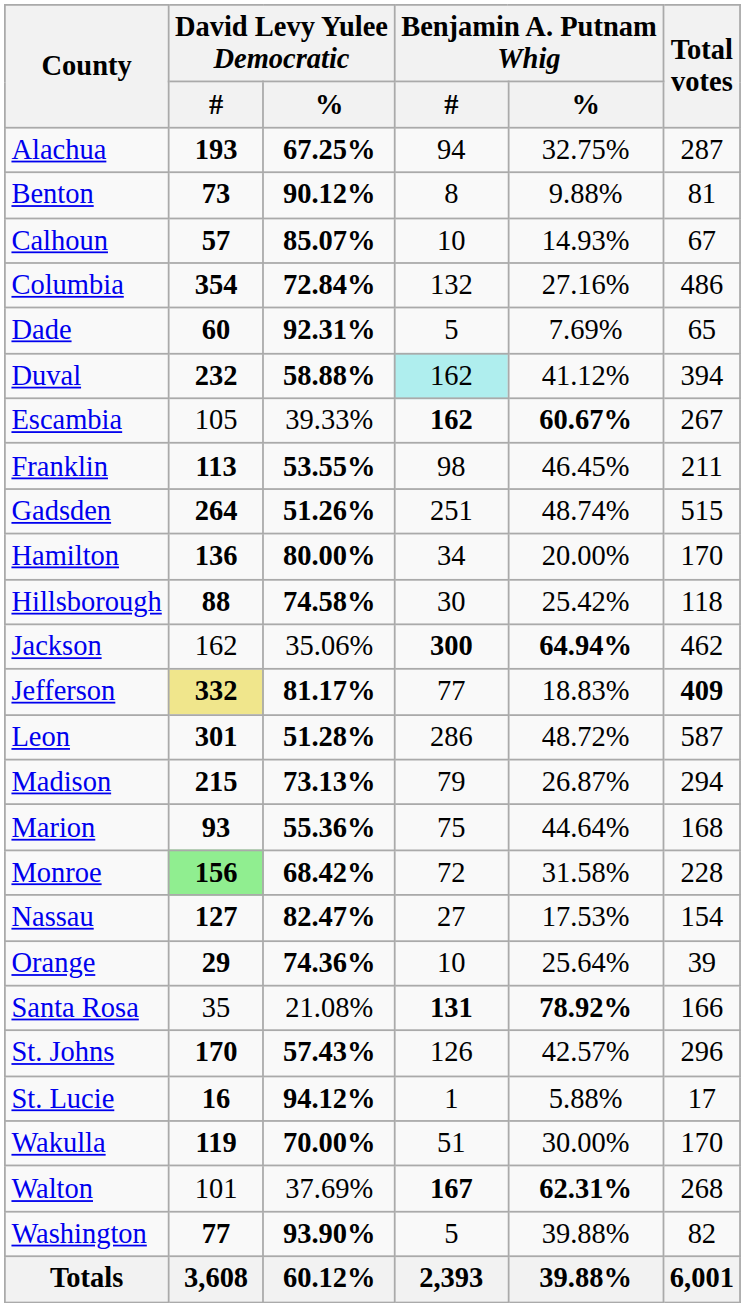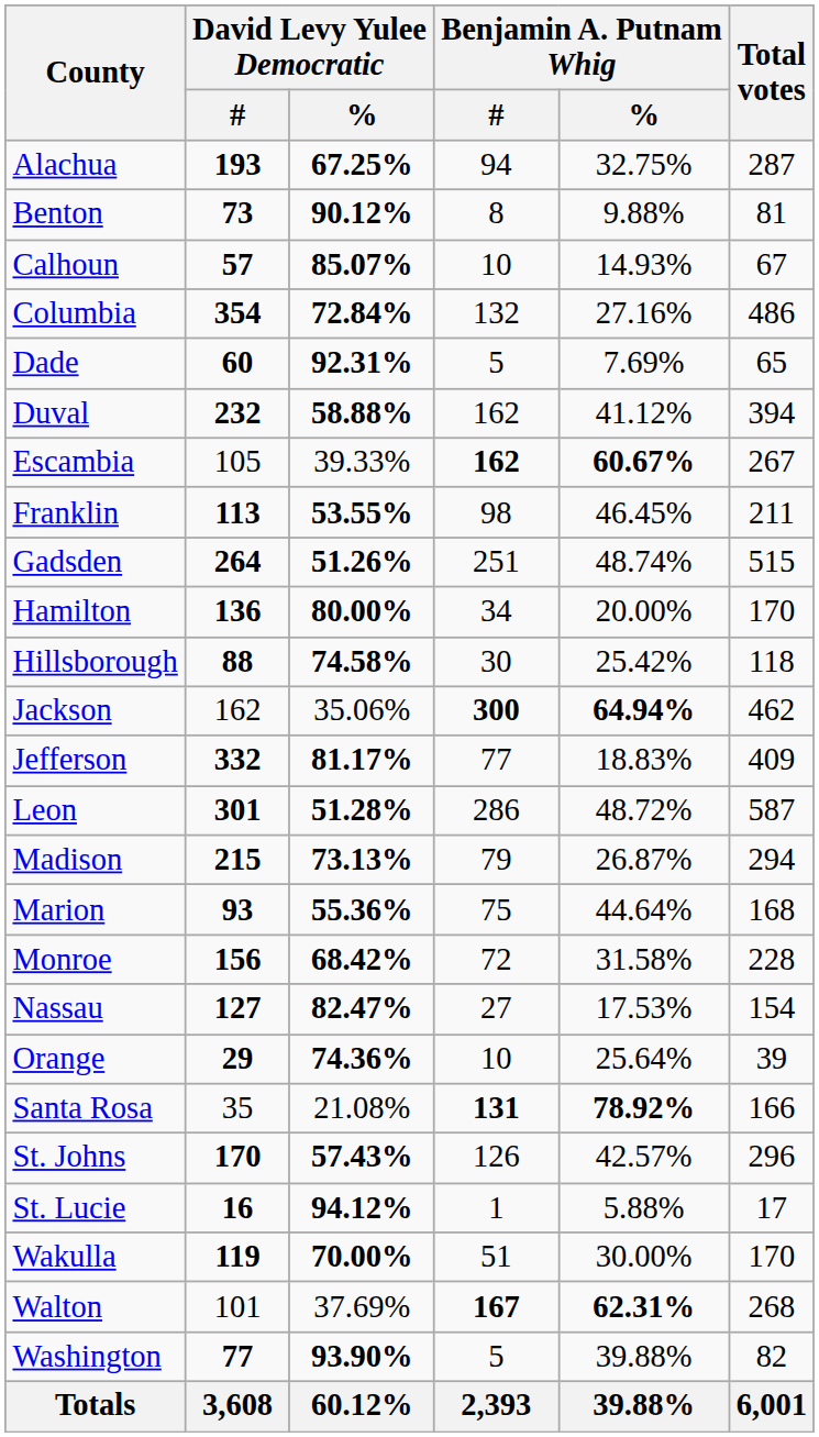 <table class="wikitable sortable">
 <tr>
 <th rowspan="2" colspan="1" style="text-align:center">County</th>
 <th colspan="2" >David Levy Yulee<br><em>Democratic</em></th>
 <th colspan="2" style="text-align: center;" >Benjamin A. Putnam<br><em>Whig</em></th>
 <th rowspan="2" colspan="1" style="text-align: center;">Total<br>votes</th>
 </tr>
 <tr>
 <th colspan="1" style="text-align: center;" >#</th>
 <th colspan="1" style="text-align: center;" >%</th>
 <th colspan="1" style="text-align: center;" >#</th>
 <th colspan="1" style="text-align: center;" >%</th>
 </tr>
 <tr>
 <td><a href='#'>Alachua</a></td>
 <td align="center"><strong>193</strong></td>
 <td align="center"><strong>67.25%</strong></td>
 <td align="center">94</td>
 <td align="center">32.75%</td>
 <td align="center">287</td>
 </tr>
 <tr>
 <td><a href='#'>Benton</a></td>
 <td align="center"><strong>73</strong></td>
 <td align="center"><strong>90.12%</strong></td>
 <td align="center">8</td>
 <td align="center">9.88%</td>
 <td align="center">81</td>
 </tr>
 <tr>
 <td><a href='#'>Calhoun</a></td>
 <td align="center"><strong>57</strong></td>
 <td align="center"><strong>85.07%</strong></td>
 <td align="center">10</td>
 <td align="center">14.93%</td>
 <td align="center">67</td>
 </tr>
 <tr>
 <td><a href='#'>Columbia</a></td>
 <td align="center"><strong>354</strong></td>
 <td align="center"><strong>72.84%</strong></td>
 <td align="center">132</td>
 <td align="center">27.16%</td>
 <td align="center">486</td>
 </tr>
 <tr>
 <td><a href='#'>Dade</a></td>
 <td align="center"><strong>60</strong></td>
 <td align="center"><strong>92.31%</strong></td>
 <td align="center">5</td>
 <td align="center">7.69%</td>
 <td align="center">65</td>
 </tr>
 <tr>
 <td><a href='#'>Duval</a></td>
 <td align="center"><strong>232</strong></td>
 <td align="center"><strong>58.88%</strong></td>
-<td align="center" style="background: paleturquoise;">162</td>
+<td align="center">162</td>
 <td align="center">41.12%</td>
 <td align="center">394</td>
 </tr>
 <tr>
 <td><a href='#'>Escambia</a></td>
 <td align="center">105</td>
 <td align="center">39.33%</td>
 <td align="center"><strong>162</strong></td>
 <td align="center"><strong>60.67%</strong></td>
 <td align="center">267</td>
 </tr>
 <tr>
 <td><a href='#'>Franklin</a></td>
 <td align="center"><strong>113</strong></td>
 <td align="center"><strong>53.55%</strong></td>
 <td align="center">98</td>
 <td align="center">46.45%</td>
 <td align="center">211</td>
 </tr>
 <tr>
 <td><a href='#'>Gadsden</a></td>
 <td align="center"><strong>264</strong></td>
 <td align="center"><strong>51.26%</strong></td>
 <td align="center">251</td>
 <td align="center">48.74%</td>
 <td align="center">515</td>
 </tr>
 <tr>
 <td><a href='#'>Hamilton</a></td>
 <td align="center"><strong>136</strong></td>
 <td align="center"><strong>80.00%</strong></td>
 <td align="center">34</td>
 <td align="center">20.00%</td>
 <td align="center">170</td>
 </tr>
 <tr>
 <td><a href='#'>Hillsborough</a></td>
 <td align="center"><strong>88</strong></td>
 <td align="center"><strong>74.58%</strong></td>
 <td align="center">30</td>
 <td align="center">25.42%</td>
 <td align="center">118</td>
 </tr>
 <tr>
 <td><a href='#'>Jackson</a></td>
 <td align="center">162</td>
 <td align="center">35.06%</td>
 <td align="center"><strong>300</strong></td>
 <td align="center"><strong>64.94%</strong></td>
 <td align="center">462</td>
 </tr>
 <tr>
 <td><a href='#'>Jefferson</a></td>
-<td align="center" style="background: khaki;"><strong>332</strong></td>
+<td align="center"><strong>332</strong></td>
 <td align="center"><strong>81.17%</strong></td>
 <td align="center">77</td>
 <td align="center">18.83%</td>
-<td align="center"><strong>409</strong></td>
+<td align="center">409</td>
 </tr>
 <tr>
 <td><a href='#'>Leon</a></td>
 <td align="center"><strong>301</strong></td>
 <td align="center"><strong>51.28%</strong></td>
 <td align="center">286</td>
 <td align="center">48.72%</td>
 <td align="center">587</td>
 </tr>
 <tr>
 <td><a href='#'>Madison</a></td>
 <td align="center"><strong>215</strong></td>
 <td align="center"><strong>73.13%</strong></td>
 <td align="center">79</td>
 <td align="center">26.87%</td>
 <td align="center">294</td>
 </tr>
 <tr>
 <td><a href='#'>Marion</a></td>
 <td align="center"><strong>93</strong></td>
 <td align="center"><strong>55.36%</strong></td>
 <td align="center">75</td>
 <td align="center">44.64%</td>
 <td align="center">168</td>
 </tr>
 <tr>
 <td><a href='#'>Monroe</a></td>
-<td align="center" style="background: lightgreen;"><strong>156</strong></td>
+<td align="center"><strong>156</strong></td>
 <td align="center"><strong>68.42%</strong></td>
 <td align="center">72</td>
 <td align="center">31.58%</td>
 <td align="center">228</td>
 </tr>
 <tr>
 <td><a href='#'>Nassau</a></td>
 <td align="center"><strong>127</strong></td>
 <td align="center"><strong>82.47%</strong></td>
 <td align="center">27</td>
 <td align="center">17.53%</td>
 <td align="center">154</td>
 </tr>
 <tr>
 <td><a href='#'>Orange</a></td>
 <td align="center"><strong>29</strong></td>
 <td align="center"><strong>74.36%</strong></td>
 <td align="center">10</td>
 <td align="center">25.64%</td>
 <td align="center">39</td>
 </tr>
 <tr>
 <td><a href='#'>Santa Rosa</a></td>
 <td align="center">35</td>
 <td align="center">21.08%</td>
 <td align="center"><strong>131</strong></td>
 <td align="center"><strong>78.92%</strong></td>
 <td align="center">166</td>
 </tr>
 <tr>
 <td><a href='#'>St. Johns</a></td>
 <td align="center"><strong>170</strong></td>
 <td align="center"><strong>57.43%</strong></td>
 <td align="center">126</td>
 <td align="center">42.57%</td>
 <td align="center">296</td>
 </tr>
 <tr>
 <td><a href='#'>St. Lucie</a></td>
 <td align="center"><strong>16</strong></td>
 <td align="center"><strong>94.12%</strong></td>
 <td align="center">1</td>
 <td align="center">5.88%</td>
 <td align="center">17</td>
 </tr>
 <tr>
 <td><a href='#'>Wakulla</a></td>
 <td align="center"><strong>119</strong></td>
 <td align="center"><strong>70.00%</strong></td>
 <td align="center">51</td>
 <td align="center">30.00%</td>
 <td align="center">170</td>
 </tr>
 <tr>
 <td><a href='#'>Walton</a></td>
 <td align="center">101</td>
 <td align="center">37.69%</td>
 <td align="center"><strong>167</strong></td>
 <td align="center"><strong>62.31%</strong></td>
 <td align="center">268</td>
 </tr>
 <tr>
 <td><a href='#'>Washington</a></td>
 <td align="center"><strong>77</strong></td>
 <td align="center"><strong>93.90%</strong></td>
 <td align="center">5</td>
 <td align="center">39.88%</td>
 <td align="center">82</td>
 </tr>
 <tr>
 <th>Totals</th>
 <th>3,608</th>
 <th>60.12%</th>
 <th>2,393</th>
 <th>39.88%</th>
 <th>6,001</th>
 </tr>
 </table>
